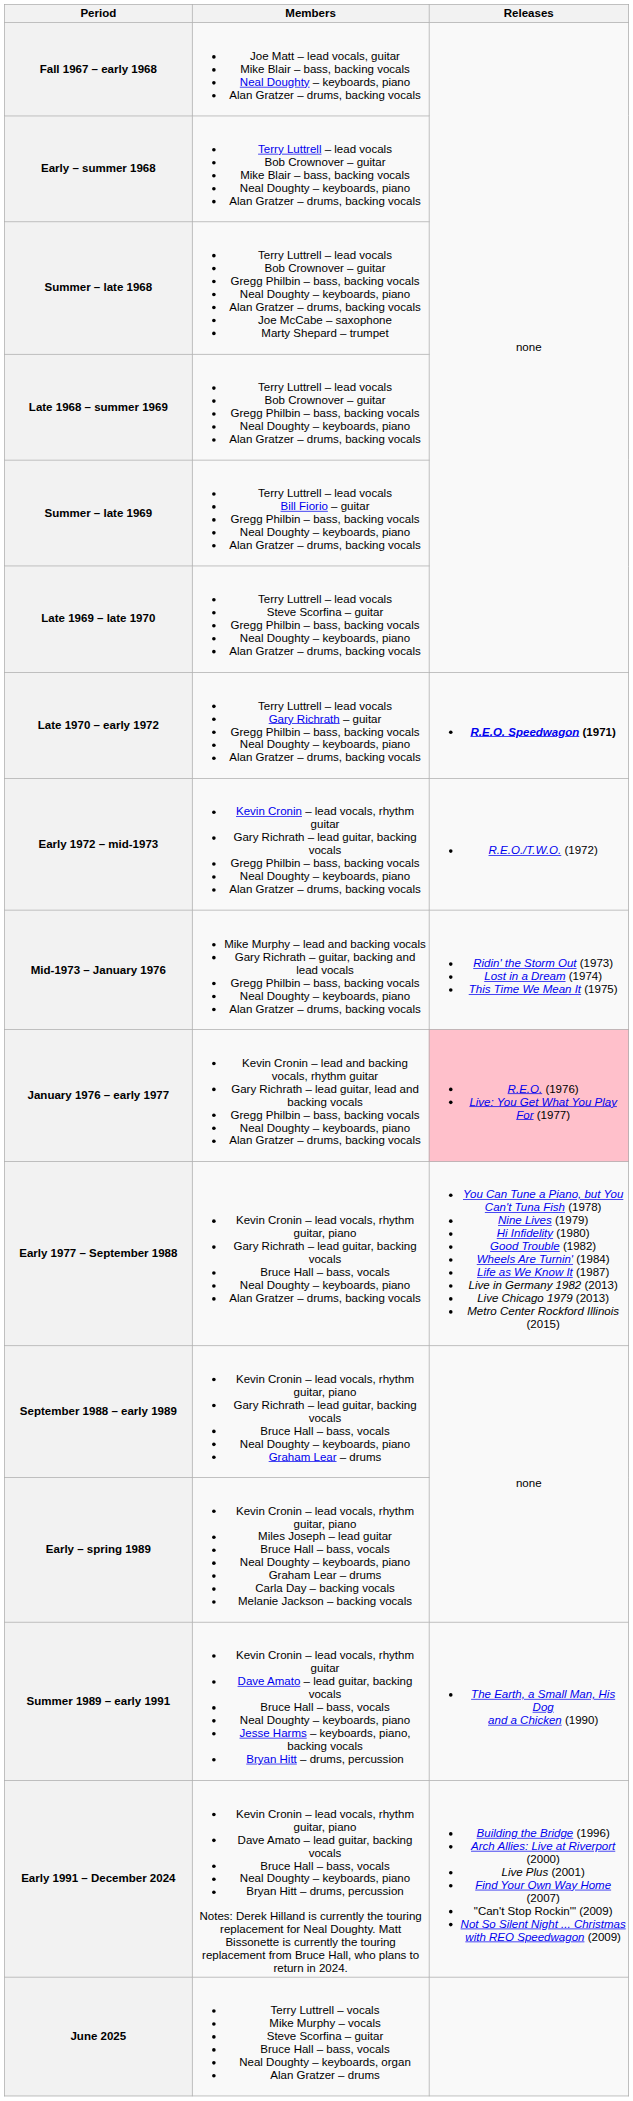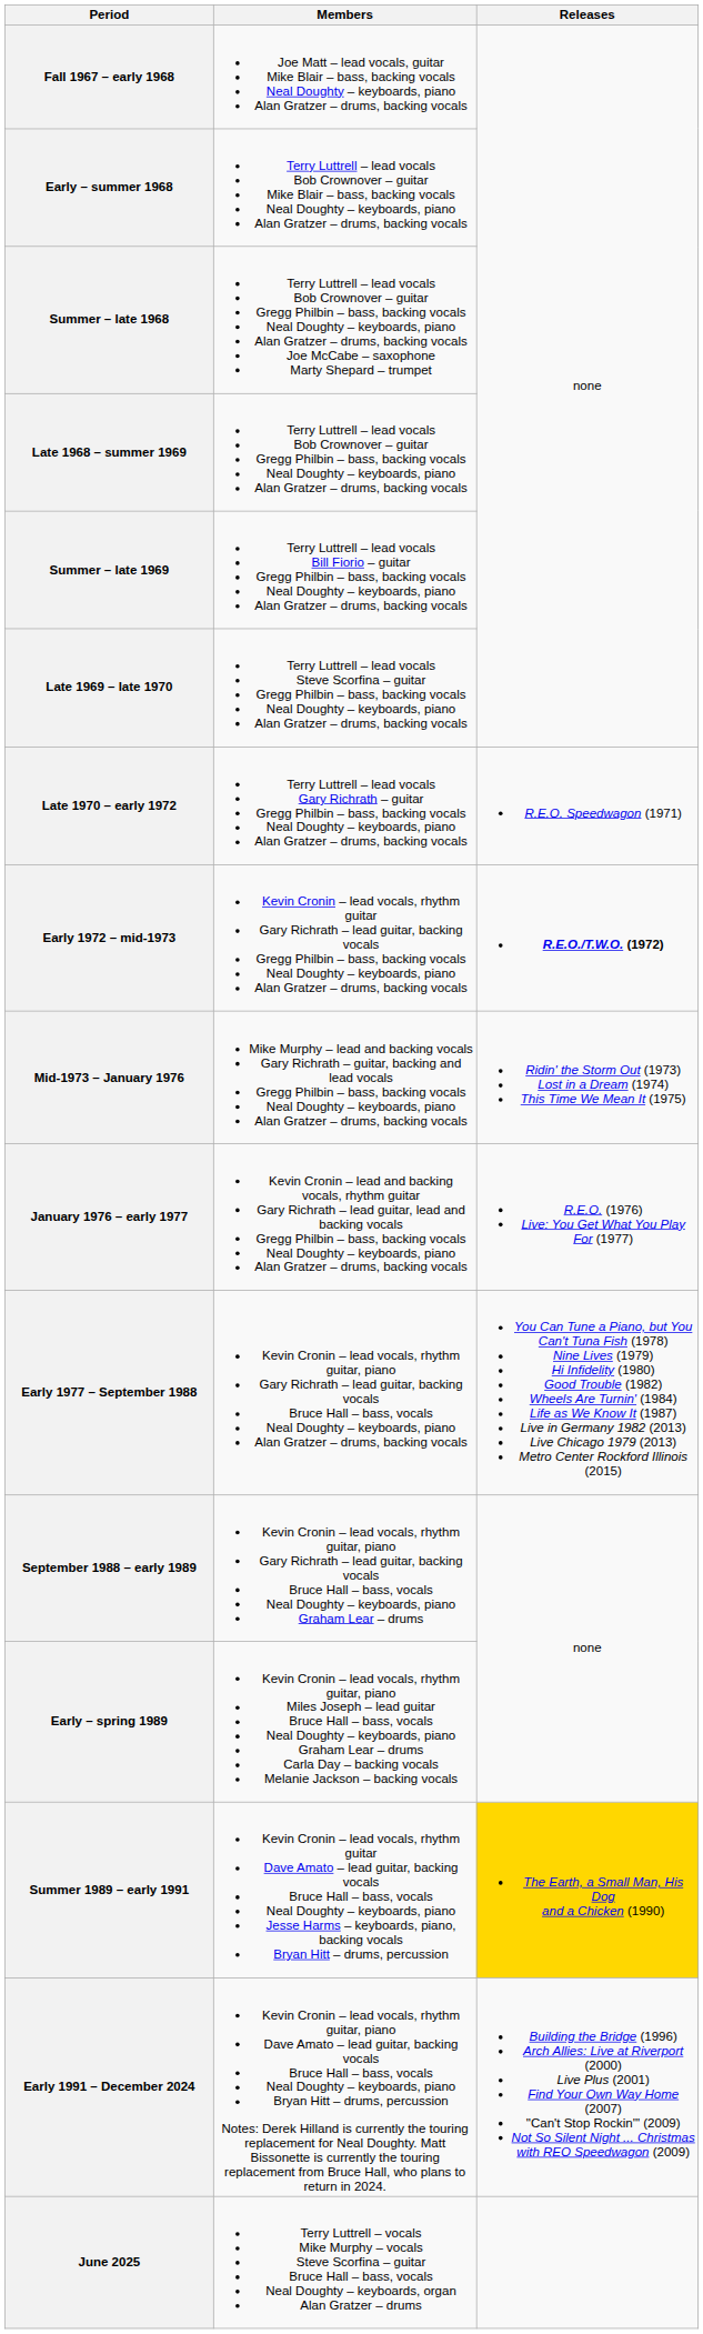 <table class="wikitable plainrowheaders" style="text-align:center;">
 <tr>
 <th scope="col" style="width:20em;">Period</th>
 <th scope="col" style="width:25em;">Members</th>
 <th scope="col" style="width:20em;">Releases</th>
 </tr>
 <tr>
 <th scope="col">Fall 1967 – early 1968</th>
 <td><br><ul><li>Joe Matt – lead vocals, guitar</li><li>Mike Blair – bass, backing vocals</li><li><a href='#'>Neal Doughty</a> – keyboards, piano</li><li>Alan Gratzer – drums, backing vocals</li></ul></td>
 <td rowspan="6">none</td>
 </tr>
 <tr>
 <th scope="col">Early – summer 1968</th>
 <td><br><ul><li><a href='#'>Terry Luttrell</a> – lead vocals</li><li>Bob Crownover – guitar</li><li>Mike Blair – bass, backing vocals</li><li>Neal Doughty – keyboards, piano</li><li>Alan Gratzer – drums, backing vocals</li></ul></td>
 </tr>
 <tr>
 <th scope="col">Summer – late 1968</th>
 <td><br><ul><li>Terry Luttrell – lead vocals</li><li>Bob Crownover – guitar</li><li>Gregg Philbin – bass, backing vocals</li><li>Neal Doughty – keyboards, piano</li><li>Alan Gratzer – drums, backing vocals</li><li>Joe McCabe – saxophone</li><li>Marty Shepard – trumpet</li></ul></td>
 </tr>
 <tr>
 <th scope="col">Late 1968 – summer 1969</th>
 <td><br><ul><li>Terry Luttrell – lead vocals</li><li>Bob Crownover – guitar</li><li>Gregg Philbin – bass, backing vocals</li><li>Neal Doughty – keyboards, piano</li><li>Alan Gratzer – drums, backing vocals</li></ul></td>
 </tr>
 <tr>
 <th scope="col">Summer – late 1969</th>
 <td><br><ul><li>Terry Luttrell – lead vocals</li><li><a href='#'>Bill Fiorio</a> – guitar</li><li>Gregg Philbin – bass, backing vocals</li><li>Neal Doughty – keyboards, piano</li><li>Alan Gratzer – drums, backing vocals</li></ul></td>
 </tr>
 <tr>
 <th scope="col">Late 1969 – late 1970</th>
 <td><br><ul><li>Terry Luttrell – lead vocals</li><li>Steve Scorfina – guitar</li><li>Gregg Philbin – bass, backing vocals</li><li>Neal Doughty – keyboards, piano</li><li>Alan Gratzer – drums, backing vocals</li></ul></td>
 </tr>
 <tr>
 <th scope="col">Late 1970 – early 1972</th>
 <td><br><ul><li>Terry Luttrell – lead vocals</li><li><a href='#'>Gary Richrath</a> – guitar</li><li>Gregg Philbin – bass, backing vocals</li><li>Neal Doughty – keyboards, piano</li><li>Alan Gratzer – drums, backing vocals</li></ul></td>
-<td><strong><br><ul><li><em><a href='#'>R.E.O. Speedwagon</a></em> (1971)</li></ul></strong></td>
+<td><br><ul><li><em><a href='#'>R.E.O. Speedwagon</a></em> (1971)</li></ul></td>
 </tr>
 <tr>
 <th scope="col">Early 1972 – mid-1973</th>
 <td><br><ul><li><a href='#'>Kevin Cronin</a> – lead vocals, rhythm guitar</li><li>Gary Richrath – lead guitar, backing vocals</li><li>Gregg Philbin – bass, backing vocals</li><li>Neal Doughty – keyboards, piano</li><li>Alan Gratzer – drums, backing vocals</li></ul></td>
-<td><br><ul><li><em><a href='#'>R.E.O./T.W.O.</a></em> (1972)</li></ul></td>
+<td><strong><br><ul><li><em><a href='#'>R.E.O./T.W.O.</a></em> (1972)</li></ul></strong></td>
 </tr>
 <tr>
 <th scope="col">Mid-1973 – January 1976</th>
 <td><br><ul><li>Mike Murphy – lead and backing vocals</li><li>Gary Richrath – guitar, backing and lead vocals</li><li>Gregg Philbin – bass, backing vocals</li><li>Neal Doughty – keyboards, piano</li><li>Alan Gratzer – drums, backing vocals</li></ul></td>
 <td><br><ul><li><em><a href='#'>Ridin' the Storm Out</a></em> (1973)</li><li><em><a href='#'>Lost in a Dream</a></em> (1974)</li><li><em><a href='#'>This Time We Mean It</a></em> (1975)</li></ul></td>
 </tr>
 <tr>
 <th scope="col">January 1976 – early 1977</th>
 <td><br><ul><li>Kevin Cronin – lead and backing vocals, rhythm guitar</li><li>Gary Richrath – lead guitar, lead and backing vocals</li><li>Gregg Philbin – bass, backing vocals</li><li>Neal Doughty – keyboards, piano</li><li>Alan Gratzer – drums, backing vocals</li></ul></td>
-<td style="background: pink;"><br><ul><li><em><a href='#'>R.E.O.</a></em> (1976)</li><li><em><a href='#'>Live: You Get What You Play For</a></em> (1977)</li></ul></td>
+<td><br><ul><li><em><a href='#'>R.E.O.</a></em> (1976)</li><li><em><a href='#'>Live: You Get What You Play For</a></em> (1977)</li></ul></td>
 </tr>
 <tr>
 <th scope="col">Early 1977 – September 1988</th>
 <td><br><ul><li>Kevin Cronin – lead vocals, rhythm guitar, piano</li><li>Gary Richrath – lead guitar, backing vocals</li><li>Bruce Hall – bass, vocals</li><li>Neal Doughty – keyboards, piano</li><li>Alan Gratzer – drums, backing vocals</li></ul></td>
 <td><br><ul><li><em><a href='#'>You Can Tune a Piano, but You<br>Can't Tuna Fish</a></em> (1978)</li><li><em><a href='#'>Nine Lives</a></em> (1979)</li><li><em><a href='#'>Hi Infidelity</a></em> (1980)</li><li><em><a href='#'>Good Trouble</a></em> (1982)</li><li><em><a href='#'>Wheels Are Turnin'</a></em> (1984)</li><li><em><a href='#'>Life as We Know It</a></em> (1987)</li><li><em>Live in Germany 1982</em> (2013)</li><li><em>Live Chicago 1979</em> (2013)</li><li><em>Metro Center Rockford Illinois</em> (2015)</li></ul></td>
 </tr>
 <tr>
 <th scope="col">September 1988 – early 1989</th>
 <td><br><ul><li>Kevin Cronin – lead vocals, rhythm guitar, piano</li><li>Gary Richrath – lead guitar, backing vocals</li><li>Bruce Hall – bass, vocals</li><li>Neal Doughty – keyboards, piano</li><li><a href='#'>Graham Lear</a> – drums</li></ul></td>
 <td rowspan="2">none</td>
 </tr>
 <tr>
 <th scope="col">Early – spring 1989</th>
 <td><br><ul><li>Kevin Cronin – lead vocals, rhythm guitar, piano</li><li>Miles Joseph – lead guitar</li><li>Bruce Hall – bass, vocals</li><li>Neal Doughty – keyboards, piano</li><li>Graham Lear – drums</li><li>Carla Day – backing vocals</li><li>Melanie Jackson – backing vocals</li></ul></td>
 </tr>
 <tr>
 <th scope="col">Summer 1989 – early 1991</th>
 <td><br><ul><li>Kevin Cronin – lead vocals, rhythm guitar</li><li><a href='#'>Dave Amato</a> – lead guitar, backing vocals</li><li>Bruce Hall – bass, vocals</li><li>Neal Doughty – keyboards, piano</li><li><a href='#'>Jesse Harms</a> – keyboards, piano, backing vocals</li><li><a href='#'>Bryan Hitt</a> – drums, percussion</li></ul></td>
-<td><br><ul><li><em><a href='#'>The Earth, a Small Man, His Dog<br>and a Chicken</a></em> (1990)</li></ul></td>
+<td style="background: gold;"><br><ul><li><em><a href='#'>The Earth, a Small Man, His Dog<br>and a Chicken</a></em> (1990)</li></ul></td>
 </tr>
 <tr>
 <th scope="col">Early 1991 – December 2024</th>
 <td><br><ul><li>Kevin Cronin – lead vocals, rhythm guitar, piano</li><li>Dave Amato – lead guitar, backing vocals</li><li>Bruce Hall – bass, vocals</li><li>Neal Doughty – keyboards, piano</li><li>Bryan Hitt – drums, percussion</li></ul>Notes: Derek Hilland is currently the touring replacement for Neal Doughty. Matt Bissonette is currently the touring replacement from Bruce Hall, who plans to return in 2024.</td>
 <td><br><ul><li><em><a href='#'>Building the Bridge</a></em> (1996)</li><li><em><a href='#'>Arch Allies: Live at Riverport</a></em> (2000)</li><li><em>Live Plus</em> (2001)</li><li><em><a href='#'>Find Your Own Way Home</a></em> (2007)</li><li>"Can't Stop Rockin'" (2009)</li><li><em><a href='#'>Not So Silent Night ... Christmas<br>with REO Speedwagon</a></em> (2009)</li></ul></td>
 </tr>
 <tr>
 <th>June 2025</th>
 <td><br><ul><li>Terry Luttrell – vocals</li><li>Mike Murphy – vocals</li><li>Steve Scorfina – guitar</li><li>Bruce Hall – bass, vocals</li><li>Neal Doughty – keyboards, organ</li><li>Alan Gratzer – drums</li></ul></td>
 <td></td>
 </tr>
 </table>
